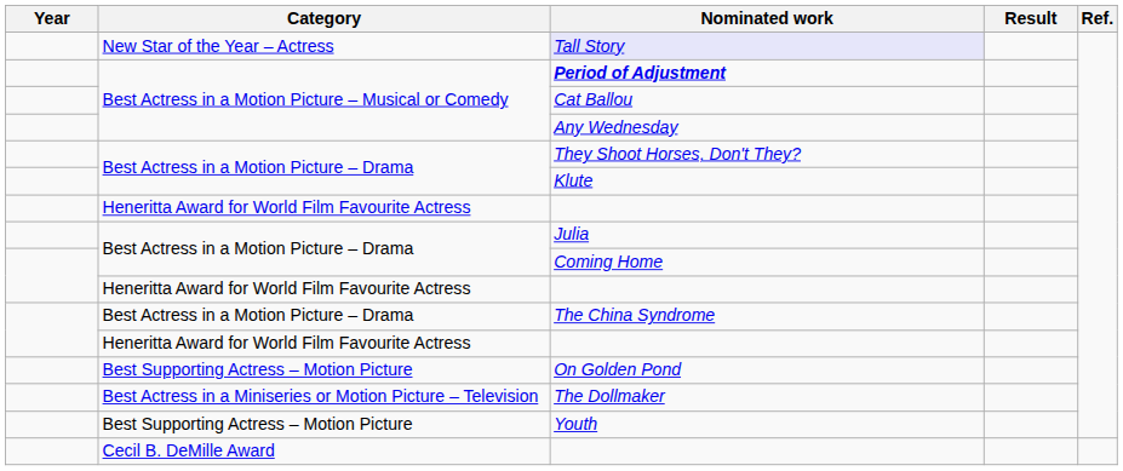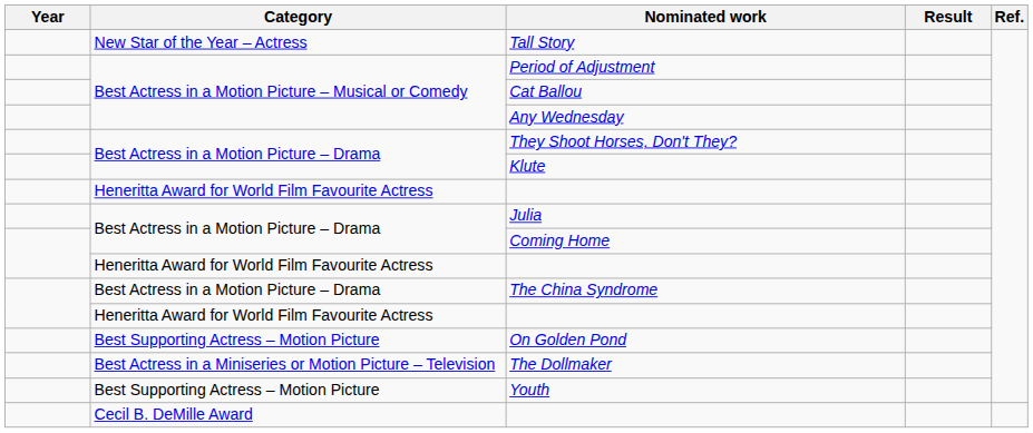 <table class=wikitable>
 <tr>
 <th scope="col" style="width:5em;">Year</th>
 <th scope="col" style="width:26em;">Category</th>
 <th scope="col" style="width:25em;">Nominated work</th>
 <th scope="col" style="width:5em;">Result</th>
 <th>Ref.</th>
 </tr>
 <tr>
 <td></td>
 <td><a href='#'>New Star of the Year – Actress</a></td>
-<td style="background: lavender;"><em><a href='#'>Tall Story</a></em></td>
+<td><em><a href='#'>Tall Story</a></em></td>
 <td></td>
 <td style="text-align:center;" rowspan="15"></td>
 </tr>
 <tr>
 <td></td>
 <td Rowspan=3><a href='#'>Best Actress in a Motion Picture – Musical or Comedy</a></td>
-<td><strong><em><a href='#'>Period of Adjustment</a></em></strong></td>
+<td><em><a href='#'>Period of Adjustment</a></em></td>
 <td></td>
 </tr>
 <tr>
 <td></td>
 <td><em><a href='#'>Cat Ballou</a></em></td>
 <td></td>
 </tr>
 <tr>
 <td></td>
 <td><em><a href='#'>Any Wednesday</a></em></td>
 <td></td>
 </tr>
 <tr>
 <td></td>
 <td rowspan=2><a href='#'>Best Actress in a Motion Picture – Drama</a></td>
 <td><em><a href='#'>They Shoot Horses, Don't They?</a></em></td>
 <td></td>
 </tr>
 <tr>
 <td></td>
 <td><em><a href='#'>Klute</a></em></td>
 <td></td>
 </tr>
 <tr>
 <td></td>
 <td><a href='#'>Heneritta Award for World Film Favourite Actress</a></td>
 <td></td>
 <td></td>
 </tr>
 <tr>
 <td></td>
 <td rowspan=2>Best Actress in a Motion Picture – Drama</td>
 <td><em><a href='#'>Julia</a></em></td>
 <td></td>
 </tr>
 <tr>
 <td rowspan=2></td>
 <td><em><a href='#'>Coming Home</a></em></td>
 <td></td>
 </tr>
 <tr>
 <td>Heneritta Award for World Film Favourite Actress</td>
 <td></td>
 <td></td>
 </tr>
 <tr>
 <td rowspan=2></td>
 <td>Best Actress in a Motion Picture – Drama</td>
 <td><em><a href='#'>The China Syndrome</a></em></td>
 <td></td>
 </tr>
 <tr>
 <td>Heneritta Award for World Film Favourite Actress</td>
 <td></td>
 <td></td>
 </tr>
 <tr>
 <td></td>
 <td><a href='#'>Best Supporting Actress – Motion Picture</a></td>
 <td><em><a href='#'>On Golden Pond</a></em></td>
 <td></td>
 </tr>
 <tr>
 <td></td>
 <td><a href='#'>Best Actress in a Miniseries or Motion Picture – Television</a></td>
 <td><em><a href='#'>The Dollmaker</a></em></td>
 <td></td>
 </tr>
 <tr>
 <td></td>
 <td>Best Supporting Actress – Motion Picture</td>
 <td><em><a href='#'>Youth</a></em></td>
 <td></td>
 </tr>
 <tr>
 <td></td>
 <td><a href='#'>Cecil B. DeMille Award</a></td>
 <td></td>
 <td></td>
 <td style="text-align:center;"></td>
 </tr>
 </table>
